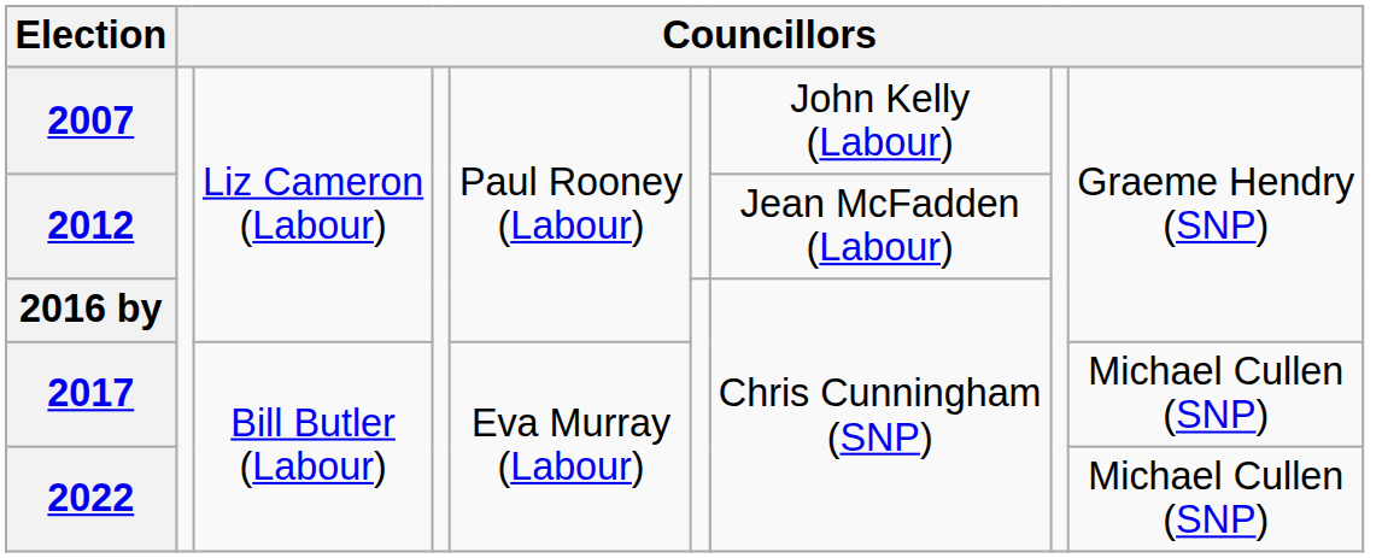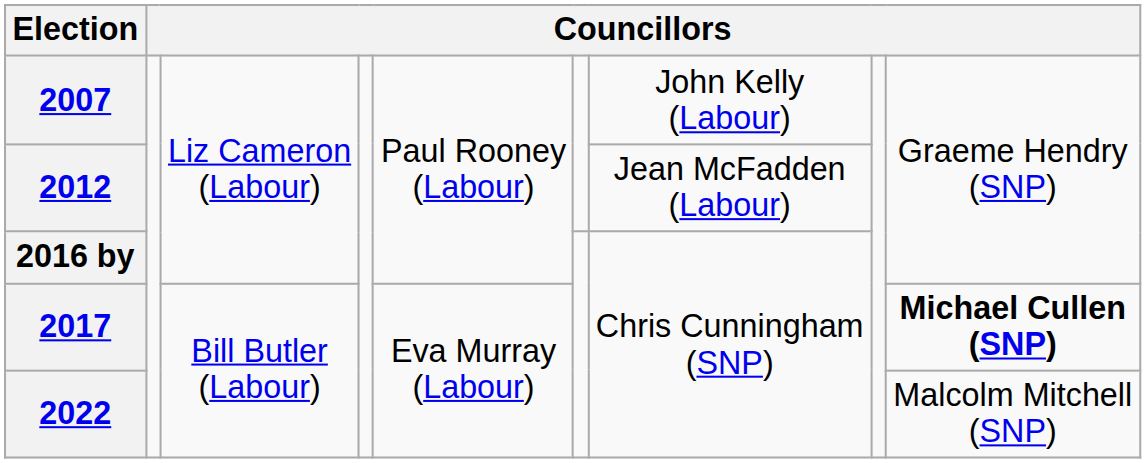 <table class="wikitable" style="text-align:center">
 <tr>
 <th>Election</th>
 <th colspan=8>Councillors</th>
 </tr>
 <tr>
 <th><a href='#'>2007</a></th>
 <td rowspan=5; style="background-color: "></td>
 <td rowspan=3><a href='#'>Liz Cameron</a><br>(<a href='#'>Labour</a>)</td>
 <td rowspan=5; style="background-color: "></td>
 <td rowspan=3>Paul Rooney<br>(<a href='#'>Labour</a>)</td>
 <td rowspan=2; style="background-color: "></td>
 <td rowspan=1>John Kelly<br>(<a href='#'>Labour</a>)</td>
 <td rowspan=5; style="background-color: "></td>
 <td rowspan=3>Graeme Hendry<br>(<a href='#'>SNP</a>)</td>
 </tr>
 <tr>
 <th><a href='#'>2012</a></th>
 <td rowspan=1>Jean McFadden<br>(<a href='#'>Labour</a>)</td>
 </tr>
 <tr>
 <th>2016 by</th>
 <td rowspan=3; style="background-color: "></td>
 <td rowspan=3>Chris Cunningham<br>(<a href='#'>SNP</a>)</td>
 </tr>
 <tr>
 <th><a href='#'>2017</a></th>
 <td rowspan=2><a href='#'>Bill Butler</a><br>(<a href='#'>Labour</a>)</td>
 <td rowspan=2>Eva Murray<br>(<a href='#'>Labour</a>)</td>
-<td rowspan=1>Michael Cullen<br>(<a href='#'>SNP</a>)</td>
+<td rowspan=1><strong>Michael Cullen<br>(<a href='#'>SNP</a>)</strong></td>
 </tr>
 <tr>
 <th><a href='#'>2022</a></th>
-<td rowspan=1>Michael Cullen<br>(<a href='#'>SNP</a>)</td>
+<td rowspan=1>Malcolm Mitchell<br>(<a href='#'>SNP</a>)</td>
 </tr>
 </table>
